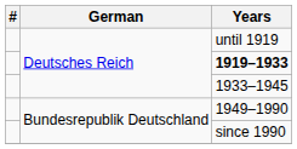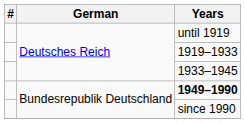 <table class="wikitable">
 <tr>
 <th>#</th>
 <th>German</th>
 <th>Years</th>
 </tr>
 <tr>
 <td></td>
 <td rowspan=3><a href='#'>Deutsches Reich</a></td>
 <td>until 1919</td>
 </tr>
 <tr>
 <td></td>
-<td><strong>1919–1933</strong></td>
+<td>1919–1933</td>
 </tr>
 <tr>
 <td></td>
 <td>1933–1945</td>
 </tr>
 <tr>
 <td></td>
 <td rowspan=2>Bundesrepublik Deutschland</td>
-<td>1949–1990</td>
+<td><strong>1949–1990</strong></td>
 </tr>
 <tr>
 <td></td>
 <td>since 1990</td>
 </tr>
 <tr>
 </tr>
 </table>
